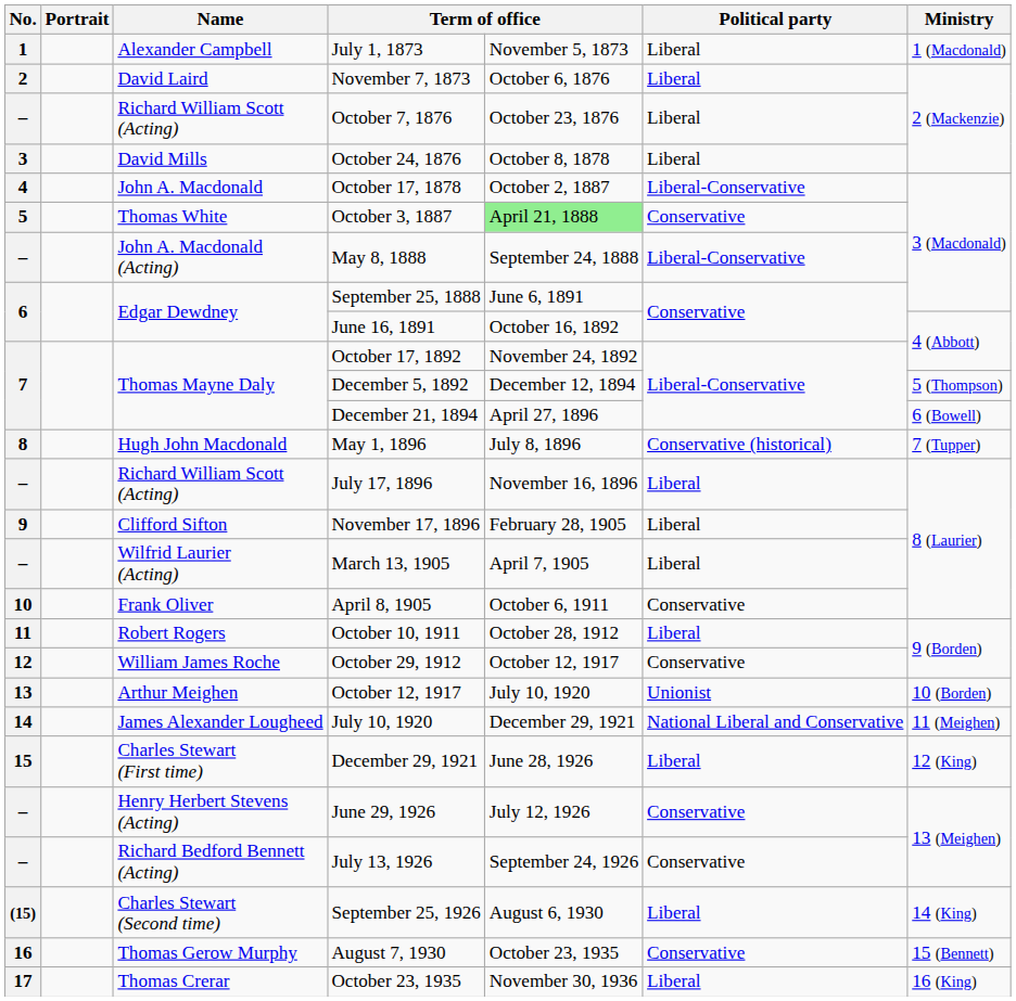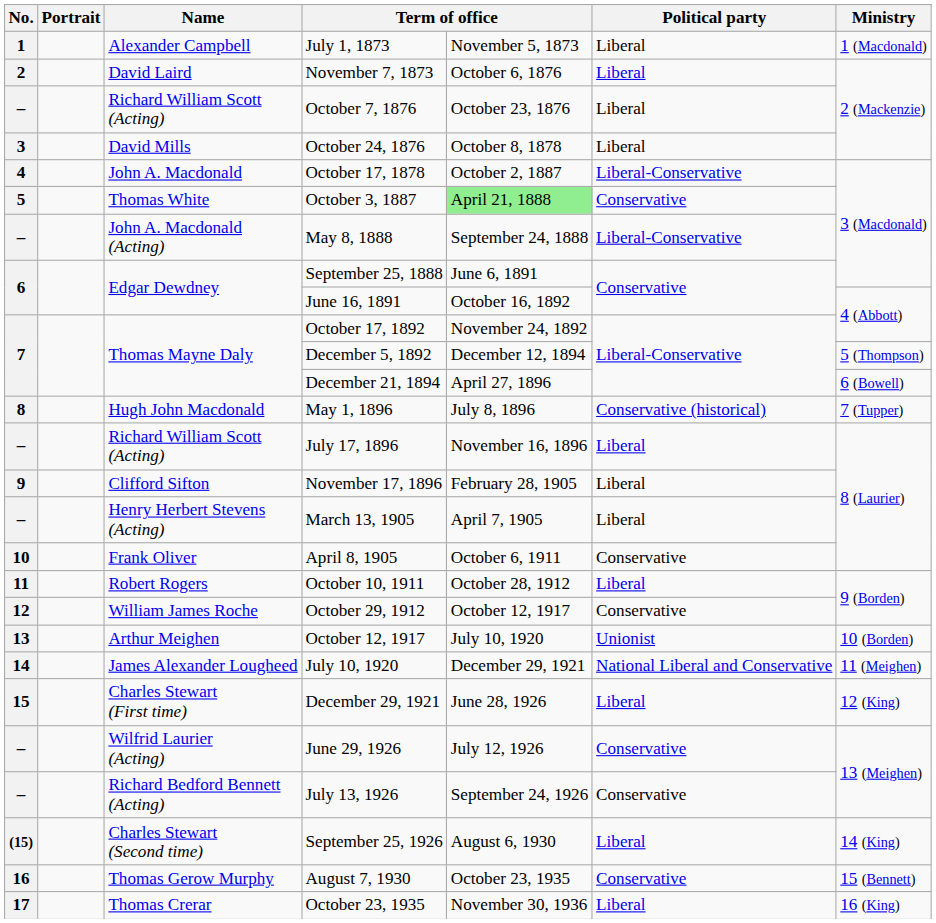 <table class="wikitable">
 <tr>
 <th>No.</th>
 <th>Portrait</th>
 <th>Name</th>
 <th colspan=2>Term of office</th>
 <th>Political party</th>
 <th>Ministry</th>
 </tr>
 <tr>
 <th style="background:">1</th>
 <td></td>
 <td><a href='#'>Alexander Campbell</a></td>
 <td>July 1, 1873</td>
 <td>November 5, 1873</td>
 <td>Liberal</td>
 <td><a href='#'>1</a> <small>(<a href='#'>Macdonald</a>)</small></td>
 </tr>
 <tr>
 <th style="background:">2</th>
 <td></td>
 <td><a href='#'>David Laird</a></td>
 <td>November 7, 1873</td>
 <td>October 6, 1876</td>
 <td><a href='#'>Liberal</a></td>
 <td rowspan=3><a href='#'>2</a> <small>(<a href='#'>Mackenzie</a>)</small></td>
 </tr>
 <tr>
 <th style="background:">–</th>
 <td></td>
 <td><a href='#'>Richard William Scott</a><br><em>(Acting)</em></td>
 <td>October 7, 1876</td>
 <td>October 23, 1876</td>
 <td>Liberal</td>
 </tr>
 <tr>
 <th style="background:">3</th>
 <td></td>
 <td><a href='#'>David Mills</a></td>
 <td>October 24, 1876</td>
 <td>October 8, 1878</td>
 <td>Liberal</td>
 </tr>
 <tr>
 <th style="background:">4</th>
 <td></td>
 <td><a href='#'>John A. Macdonald</a></td>
 <td>October 17, 1878</td>
 <td>October 2, 1887</td>
 <td><a href='#'>Liberal-Conservative</a></td>
 <td rowspan=4><a href='#'>3</a> <small>(<a href='#'>Macdonald</a>)</small></td>
 </tr>
 <tr>
 <th style="background:">5</th>
 <td></td>
 <td><a href='#'>Thomas White</a></td>
 <td>October 3, 1887</td>
 <td style="background: lightgreen;">April 21, 1888</td>
 <td><a href='#'>Conservative</a></td>
 </tr>
 <tr>
 <th style="background:">–</th>
 <td></td>
 <td><a href='#'>John A. Macdonald</a><br><em>(Acting)</em></td>
 <td>May 8, 1888</td>
 <td>September 24, 1888</td>
 <td><a href='#'>Liberal-Conservative</a></td>
 </tr>
 <tr>
 <th rowspan=2 style="background:">6</th>
 <td rowspan=2></td>
 <td rowspan=2><a href='#'>Edgar Dewdney</a></td>
 <td>September 25, 1888</td>
 <td>June 6, 1891</td>
 <td rowspan=2><a href='#'>Conservative</a></td>
 </tr>
 <tr>
 <td>June 16, 1891</td>
 <td>October 16, 1892</td>
 <td rowspan=2><a href='#'>4</a> <small>(<a href='#'>Abbott</a>)</small></td>
 </tr>
 <tr>
 <th rowspan=3 style="background:">7</th>
 <td rowspan=3></td>
 <td rowspan=3><a href='#'>Thomas Mayne Daly</a></td>
 <td>October 17, 1892</td>
 <td>November 24, 1892</td>
 <td rowspan=3><a href='#'>Liberal-Conservative</a></td>
 </tr>
 <tr>
 <td>December 5, 1892</td>
 <td>December 12, 1894</td>
 <td><a href='#'>5</a> <small>(<a href='#'>Thompson</a>)</small></td>
 </tr>
 <tr>
 <td>December 21, 1894</td>
 <td>April 27, 1896</td>
 <td><a href='#'>6</a> <small>(<a href='#'>Bowell</a>)</small></td>
 </tr>
 <tr>
 <th style="background:">8</th>
 <td></td>
 <td><a href='#'>Hugh John Macdonald</a></td>
 <td>May 1, 1896</td>
 <td>July 8, 1896</td>
 <td><a href='#'>Conservative (historical)</a></td>
 <td><a href='#'>7</a> <small>(<a href='#'>Tupper</a>)</small></td>
 </tr>
 <tr>
 <th style="background:">–</th>
 <td></td>
 <td><a href='#'>Richard William Scott</a><br><em>(Acting)</em></td>
 <td>July 17, 1896</td>
 <td>November 16, 1896</td>
 <td><a href='#'>Liberal</a></td>
 <td rowspan=4><a href='#'>8</a> <small>(<a href='#'>Laurier</a>)</small></td>
 </tr>
 <tr>
 <th style="background:">9</th>
 <td></td>
 <td><a href='#'>Clifford Sifton</a></td>
 <td>November 17, 1896</td>
 <td>February 28, 1905</td>
 <td>Liberal</td>
 </tr>
 <tr>
 <th style="background:">–</th>
 <td></td>
-<td><a href='#'>Wilfrid Laurier</a><br><em>(Acting)</em></td>
+<td><a href='#'>Henry Herbert Stevens</a><br><em>(Acting)</em></td>
 <td>March 13, 1905</td>
 <td>April 7, 1905</td>
 <td>Liberal</td>
 </tr>
 <tr>
 <th style="background:">10</th>
 <td></td>
 <td><a href='#'>Frank Oliver</a></td>
 <td>April 8, 1905</td>
 <td>October 6, 1911</td>
 <td>Conservative</td>
 </tr>
 <tr>
 <th style="background:">11</th>
 <td></td>
 <td><a href='#'>Robert Rogers</a></td>
 <td>October 10, 1911</td>
 <td>October 28, 1912</td>
 <td><a href='#'>Liberal</a></td>
 <td rowspan=2><a href='#'>9</a> <small>(<a href='#'>Borden</a>)</small></td>
 </tr>
 <tr>
 <th style="background:">12</th>
 <td></td>
 <td><a href='#'>William James Roche</a></td>
 <td>October 29, 1912</td>
 <td>October 12, 1917</td>
 <td>Conservative</td>
 </tr>
 <tr>
 <th style="background:">13</th>
 <td></td>
 <td><a href='#'>Arthur Meighen</a></td>
 <td>October 12, 1917</td>
 <td>July 10, 1920</td>
 <td><a href='#'>Unionist</a></td>
 <td><a href='#'>10</a> <small>(<a href='#'>Borden</a>)</small></td>
 </tr>
 <tr>
 <th style="background:">14</th>
 <td></td>
 <td><a href='#'>James Alexander Lougheed</a></td>
 <td>July 10, 1920</td>
 <td>December 29, 1921</td>
 <td><a href='#'>National Liberal and Conservative</a></td>
 <td><a href='#'>11</a> <small>(<a href='#'>Meighen</a>)</small></td>
 </tr>
 <tr>
 <th style="background:">15</th>
 <td></td>
 <td><a href='#'>Charles Stewart</a><br><em>(First time)</em></td>
 <td>December 29, 1921</td>
 <td>June 28, 1926</td>
 <td><a href='#'>Liberal</a></td>
 <td><a href='#'>12</a> <small>(<a href='#'>King</a>)</small></td>
 </tr>
 <tr>
 <th style="background:">–</th>
 <td></td>
-<td><a href='#'>Henry Herbert Stevens</a><br><em>(Acting)</em></td>
+<td><a href='#'>Wilfrid Laurier</a><br><em>(Acting)</em></td>
 <td>June 29, 1926</td>
 <td>July 12, 1926</td>
 <td><a href='#'>Conservative</a></td>
 <td rowspan=2><a href='#'>13</a> <small>(<a href='#'>Meighen</a>)</small></td>
 </tr>
 <tr>
 <th style="background:">–</th>
 <td></td>
 <td><a href='#'>Richard Bedford Bennett</a><br><em>(Acting)</em></td>
 <td>July 13, 1926</td>
 <td>September 24, 1926</td>
 <td>Conservative</td>
 </tr>
 <tr>
 <th style="background:"><small>(15)</small></th>
 <td></td>
 <td><a href='#'>Charles Stewart</a><br><em>(Second time)</em></td>
 <td>September 25, 1926</td>
 <td>August 6, 1930</td>
 <td><a href='#'>Liberal</a></td>
 <td><a href='#'>14</a> <small>(<a href='#'>King</a>)</small></td>
 </tr>
 <tr>
 <th style="background:">16</th>
 <td></td>
 <td><a href='#'>Thomas Gerow Murphy</a></td>
 <td>August 7, 1930</td>
 <td>October 23, 1935</td>
 <td><a href='#'>Conservative</a></td>
 <td><a href='#'>15</a> <small>(<a href='#'>Bennett</a>)</small></td>
 </tr>
 <tr>
 <th style="background:">17</th>
 <td></td>
 <td><a href='#'>Thomas Crerar</a></td>
 <td>October 23, 1935</td>
 <td>November 30, 1936</td>
 <td><a href='#'>Liberal</a></td>
 <td><a href='#'>16</a> <small>(<a href='#'>King</a>)</small></td>
 </tr>
 </table>
